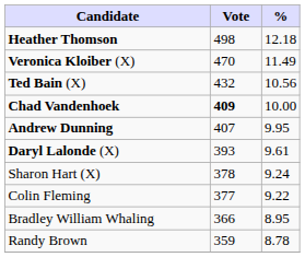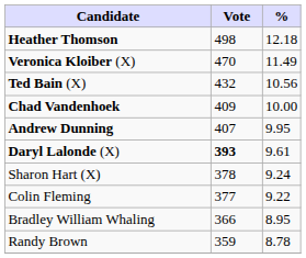 <table class="wikitable">
 <tr>
 <th style="background:#ddf; width:225px;">Candidate</th>
 <th style="background:#ddf; width:50px;">Vote</th>
 <th style="background:#ddf; width:30px;">%</th>
 </tr>
 <tr>
 <td><strong>Heather Thomson</strong></td>
 <td>498</td>
 <td>12.18</td>
 </tr>
 <tr>
 <td><strong>Veronica Kloiber</strong> (X)</td>
 <td>470</td>
 <td>11.49</td>
 </tr>
 <tr>
 <td><strong>Ted Bain</strong> (X)</td>
 <td>432</td>
 <td>10.56</td>
 </tr>
 <tr>
 <td><strong>Chad Vandenhoek</strong></td>
-<td><strong>409</strong></td>
+<td>409</td>
 <td>10.00</td>
 </tr>
 <tr>
 <td><strong>Andrew Dunning</strong></td>
 <td>407</td>
 <td>9.95</td>
 </tr>
 <tr>
 <td><strong>Daryl Lalonde</strong> (X)</td>
-<td>393</td>
+<td><strong>393</strong></td>
 <td>9.61</td>
 </tr>
 <tr>
 <td>Sharon Hart (X)</td>
 <td>378</td>
 <td>9.24</td>
 </tr>
 <tr>
 <td>Colin Fleming</td>
 <td>377</td>
 <td>9.22</td>
 </tr>
 <tr>
 <td>Bradley William Whaling</td>
 <td>366</td>
 <td>8.95</td>
 </tr>
 <tr>
 <td>Randy Brown</td>
 <td>359</td>
 <td>8.78</td>
 </tr>
 <tr>
 </tr>
 </table>
